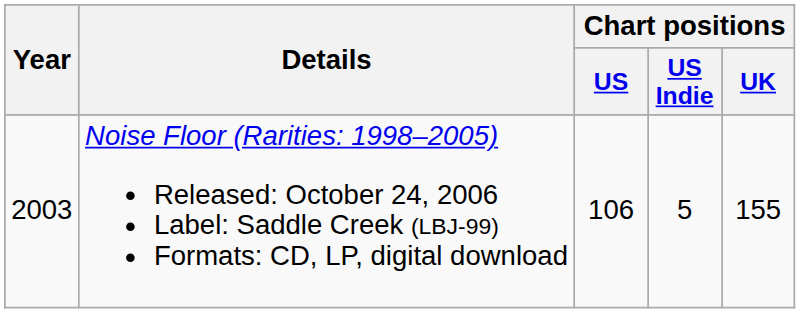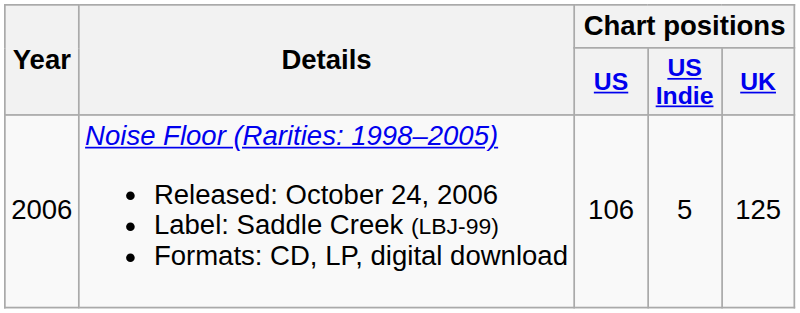 <table class="wikitable">
 <tr>
 <th rowspan="2">Year</th>
 <th rowspan="2">Details</th>
 <th colspan="3">Chart positions</th>
 </tr>
 <tr>
 <th scope="col" style="width:2.5em;font-size:90%;"><a href='#'>US</a><br></th>
 <th scope="col" style="width:2.5em;font-size:90%;"><a href='#'>US<br>Indie</a><br></th>
 <th scope="col" style="width:2.5em;font-size:90%;"><a href='#'>UK</a><br></th>
 </tr>
 <tr>
-<td>2003</td>
+<td>2006</td>
 <td><em><a href='#'>Noise Floor (Rarities: 1998–2005)</a></em><br><ul><li>Released: October 24, 2006</li><li>Label: Saddle Creek <small>(LBJ-99)</small></li><li>Formats: CD, LP, digital download</li></ul></td>
 <td align="center">106</td>
 <td align="center">5</td>
-<td align="center">155</td>
+<td align="center">125</td>
 </tr>
 </table>
